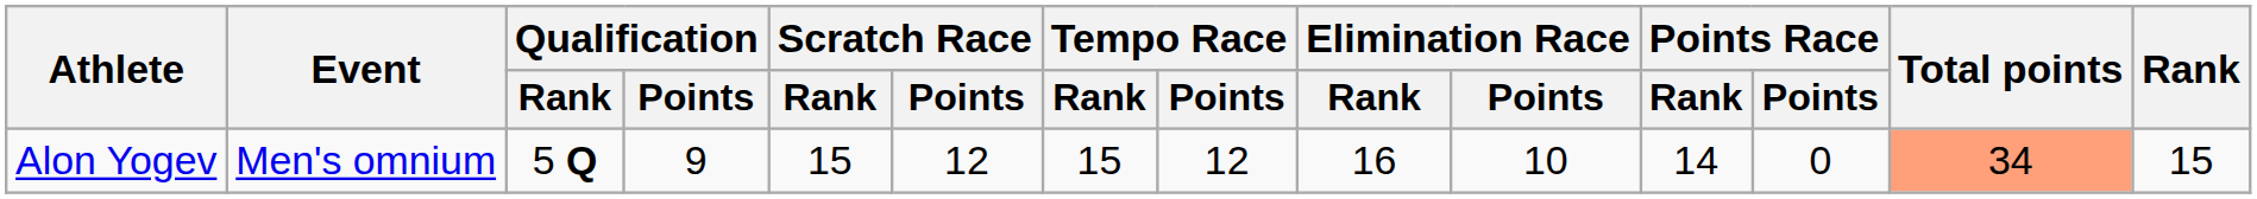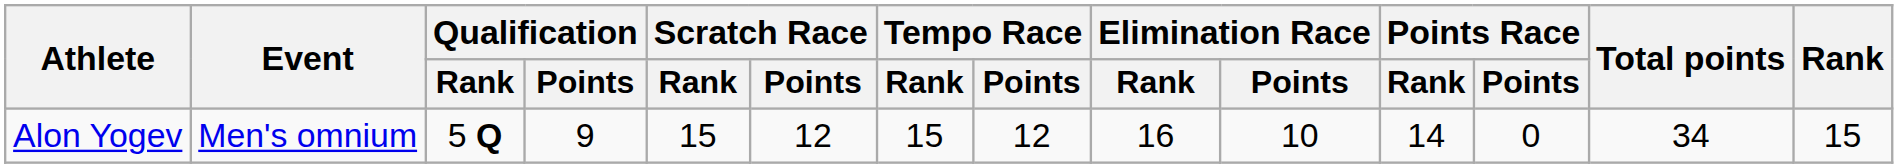 <table class="wikitable" style="font-size:90%">
 <tr>
 <th rowspan="2">Athlete</th>
 <th rowspan="2">Event</th>
 <th colspan=2>Qualification</th>
 <th colspan=2>Scratch Race</th>
 <th colspan=2>Tempo Race</th>
 <th colspan=2>Elimination Race</th>
 <th colspan=2>Points Race</th>
 <th rowspan=2>Total points</th>
 <th rowspan=2>Rank</th>
 </tr>
 <tr style="font-size:95%">
 <th>Rank</th>
 <th>Points</th>
 <th>Rank</th>
 <th>Points</th>
 <th>Rank</th>
 <th>Points</th>
 <th>Rank</th>
 <th>Points</th>
 <th>Rank</th>
 <th>Points</th>
 </tr>
 <tr align=center>
 <td align=left><a href='#'>Alon Yogev</a></td>
 <td align=left><a href='#'>Men's omnium</a></td>
 <td>5 <strong>Q</strong></td>
 <td>9</td>
 <td>15</td>
 <td>12</td>
 <td>15</td>
 <td>12</td>
 <td>16</td>
 <td>10</td>
 <td>14</td>
 <td>0</td>
-<td style="background: lightsalmon;">34</td>
+<td>34</td>
 <td>15</td>
 </tr>
 </table>
